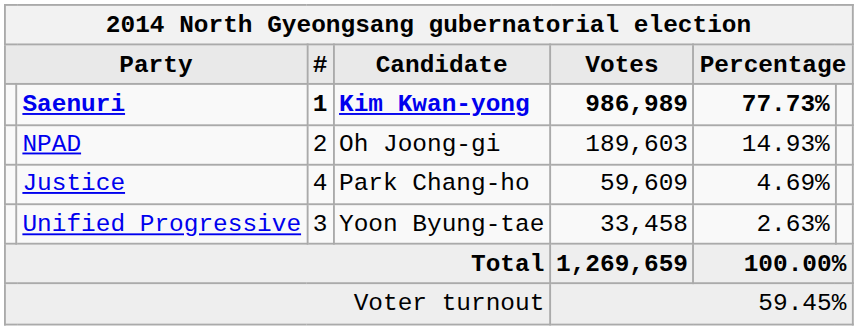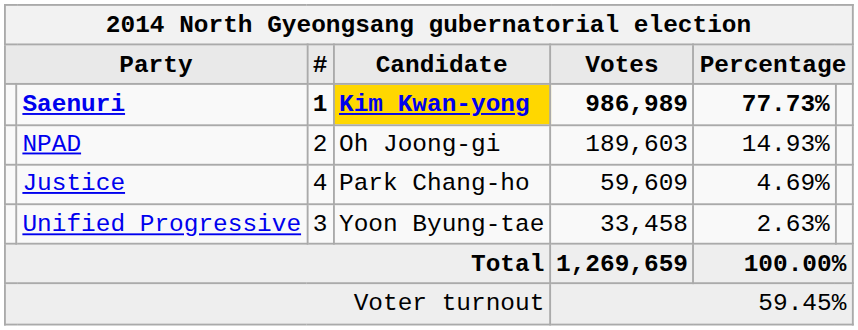 <table class="wikitable">
 <tr>
 <th colspan="7">2014 North Gyeongsang gubernatorial election</th>
 </tr>
 <tr>
 <th style="background-color:#E9E9E9" colspan=2>Party</th>
 <th style="background-color:#E9E9E9">#</th>
 <th style="background-color:#E9E9E9">Candidate</th>
 <th style="background-color:#E9E9E9">Votes</th>
 <th style="background-color:#E9E9E9" colspan=2>Percentage</th>
 </tr>
 <tr style="font-weight:bold">
 <td></td>
 <td align=left><a href='#'>Saenuri</a></td>
 <td align=center>1</td>
-<td align=left><a href='#'>Kim Kwan-yong</a></td>
+<td align=left style="background: gold;"><a href='#'>Kim Kwan-yong</a></td>
 <td align=right>986,989</td>
 <td align=right>77.73%</td>
 <td align=right></td>
 </tr>
 <tr>
 <td></td>
 <td align=left><a href='#'>NPAD</a></td>
 <td align=center>2</td>
 <td align=left>Oh Joong-gi</td>
 <td align=right>189,603</td>
 <td align=right>14.93%</td>
 <td align=right></td>
 </tr>
 <tr>
 <td></td>
 <td align=left><a href='#'>Justice</a></td>
 <td align=center>4</td>
 <td align=left>Park Chang-ho</td>
 <td align=right>59,609</td>
 <td align=right>4.69%</td>
 <td align=right></td>
 </tr>
 <tr>
 <td></td>
 <td align=left><a href='#'>Unified Progressive</a></td>
 <td align=center>3</td>
 <td align=left>Yoon Byung-tae</td>
 <td align=right>33,458</td>
 <td align=right>2.63%</td>
 <td align=right></td>
 </tr>
 <tr bgcolor="#EEEEEE" style="font-weight:bold">
 <td colspan="4" align=right>Total</td>
 <td align=right>1,269,659</td>
 <td align=right colspan=2>100.00%</td>
 </tr>
 <tr bgcolor="#EEEEEE">
 <td colspan="4" align="right">Voter turnout</td>
 <td colspan="3" align="right">59.45%</td>
 </tr>
 </table>
